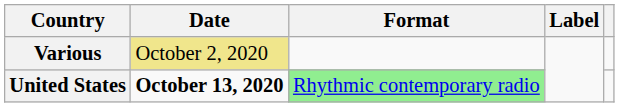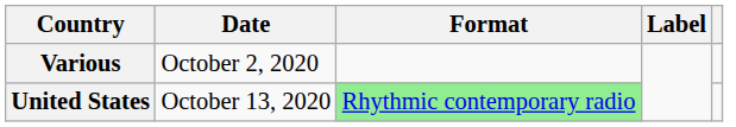 <table class="wikitable plainrowheaders">
 <tr>
 <th>Country</th>
 <th>Date</th>
 <th>Format</th>
 <th>Label</th>
 <th></th>
 </tr>
 <tr>
 <th scope="row">Various</th>
-<td style="background: khaki;">October 2, 2020</td>
+<td>October 2, 2020</td>
 <td></td>
 <td rowspan="2"></td>
 <td></td>
 </tr>
 <tr>
 <th scope="row">United States</th>
-<td><strong>October 13, 2020</strong></td>
+<td>October 13, 2020</td>
 <td style="background: lightgreen;"><a href='#'>Rhythmic contemporary radio</a></td>
 <td></td>
 </tr>
 </table>
